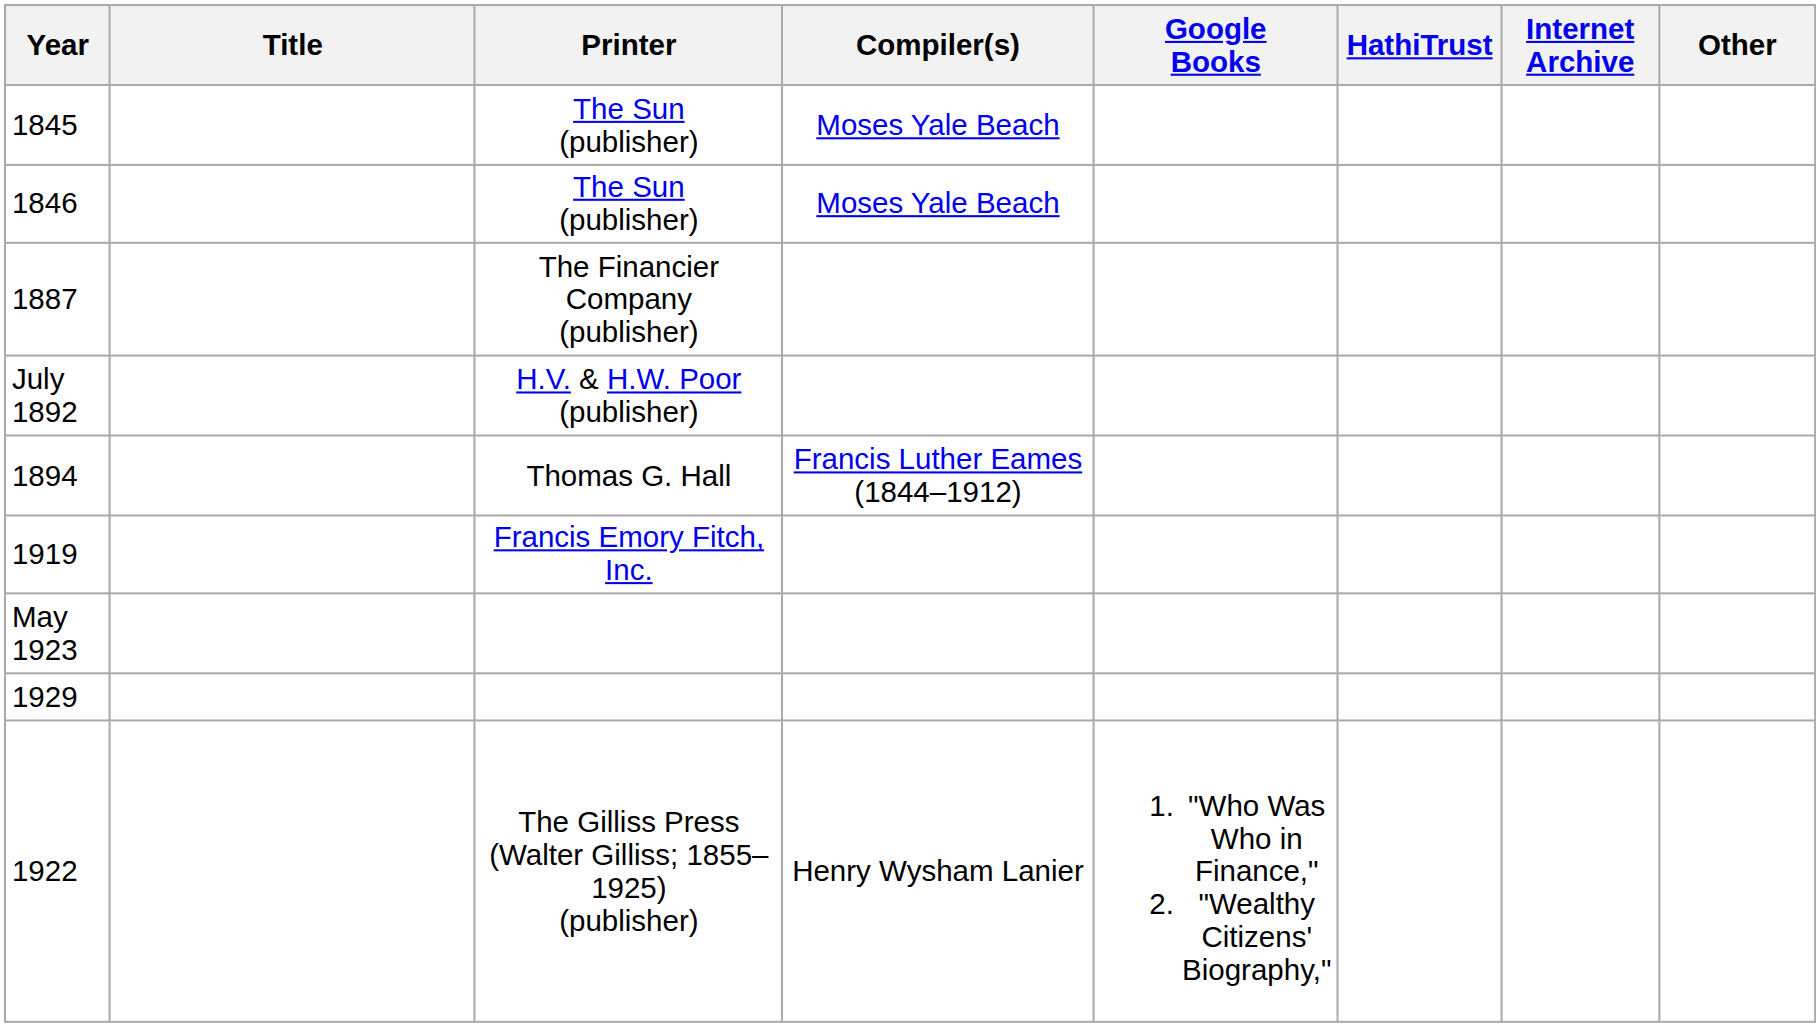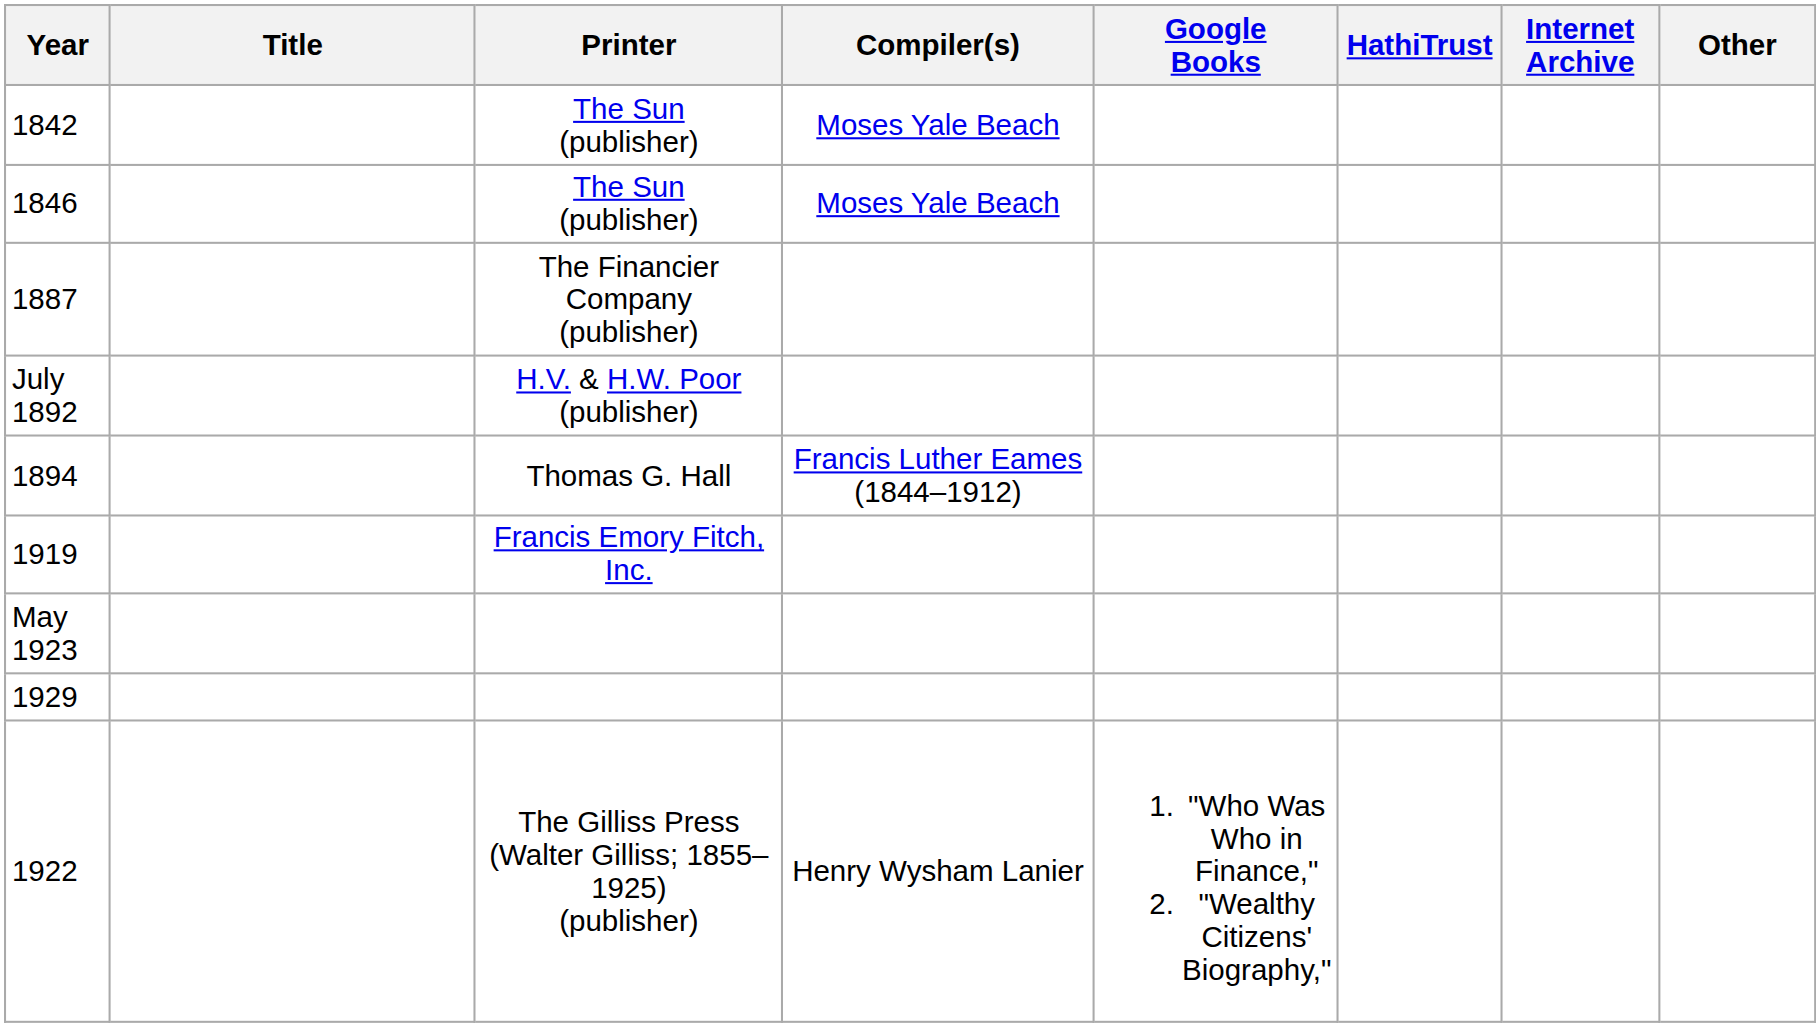 <table class="wikitable collapsible sortable" border="0" cellpadding="1" style="color:black; background-color: #FFFFFF; font-size: 90%; width:100%">
 <tr>
 <th>Year</th>
 <th>Title</th>
 <th>Printer</th>
 <th>Compiler(s)</th>
 <th><a href='#'>Google<br>Books</a></th>
 <th><a href='#'>HathiTrust</a></th>
 <th><a href='#'>Internet<br>Archive</a></th>
 <th>Other</th>
 </tr>
 <tr>
-<td width="6%" data-sort-value="1845">1845</td>
-<td width="22%" data-sort-value="Wealth 1845"></td>
-<td style="text-align:center" width="18%" data-sort-value="Sun 1845"><a href='#'>The Sun</a><br>(publisher)</td>
-<td style="text-align:center" width="18%" data-sort-value="Beach 1845"><a href='#'>Moses Yale Beach</a></td>
-<td style="text-align:center" width="9%" data-sort-value="google books 1845"></td>
+<td width="6%" data-sort-value="1842">1842</td>
+<td width="22%" data-sort-value="Wealth 1842"></td>
+<td style="text-align:center" width="18%" data-sort-value="Sun 1842"><a href='#'>The Sun</a><br>(publisher)</td>
+<td style="text-align:center" width="18%" data-sort-value="Beach 1842"><a href='#'>Moses Yale Beach</a></td>
+<td style="text-align:center" width="9%"></td>
 <td style="text-align:center" width="9%"></td>
 <td style="text-align:center" width="9%"></td>
 <td style="text-align:center" width="9%"></td>
 </tr>
 <tr>
 <td width="6%" data-sort-value="1846">1846</td>
 <td width="22%" data-sort-value="Wealth 1846"></td>
 <td style="text-align:center" width="18%" data-sort-value="Sun 1846"><a href='#'>The Sun</a><br>(publisher)</td>
 <td style="text-align:center" width="18%" data-sort-value="Beach 1846"><a href='#'>Moses Yale Beach</a></td>
 <td style="text-align:center" width="9%"></td>
 <td style="text-align:center" width="9%"></td>
 <td style="text-align:center" width="9%"></td>
 <td style="text-align:center" width="9%"></td>
 </tr>
 <tr>
 <td width="6%" data-sort-value="1887">1887</td>
 <td width="22%" data-sort-value="history 1887"></td>
 <td style="text-align:center" data-sort-value="New York Stock Exchange 1887">The Financier Company<div>(publisher)</div></td>
 <td style="text-align:center" width="18%"></td>
 <td style="text-align:center" width="9%"><br></td>
 <td style="text-align:center" width="9%"></td>
 <td style="text-align:center" width="9%"></td>
 <td style="text-align:center" width="9%"></td>
 </tr>
 <tr>
 <td width="6%" data-sort-value="1892-07">July 1892</td>
 <td width="22%" data-sort-value="Poor's 1892 07"></td>
 <td style="text-align:center" width="18%"><a href='#'>H.V.</a> & <a href='#'>H.W. Poor</a><br>(publisher)</td>
 <td style="text-align:center" width="18%"></td>
 <td style="text-align:center" width="9%"></td>
 <td style="text-align:center" width="9%"></td>
 <td style="text-align:center" width="9%"></td>
 <td style="text-align:center" width="9%"></td>
 </tr>
 <tr>
 <td width="6%" data-sort-value="1894">1894</td>
 <td width="22%" data-sort-value="New York Stock Exchange 1894"></td>
 <td style="text-align:center" width="18%">Thomas G. Hall</td>
 <td style="text-align:center" width="18%"><a href='#'>Francis Luther Eames</a> (1844–1912)</td>
 <td style="text-align:center" width="9%"></td>
 <td style="text-align:center" width="9%"></td>
 <td style="text-align:center" width="9%"></td>
 <td style="text-align:center" width="9%"></td>
 </tr>
 <tr>
 <td width="6%">1919</td>
 <td width="22%" data-sort-value="New York Stock Exchange 1919"></td>
 <td style="text-align:center" width="18%"><a href='#'>Francis Emory Fitch, Inc.</a></td>
 <td style="text-align:center" width="18%"></td>
 <td style="text-align:center" width="9%"></td>
 <td style="text-align:center" width="9%"></td>
 <td style="text-align:center" width="9%"></td>
 <td style="text-align:center" width="9%"></td>
 </tr>
 <tr>
 <td width="6%" data-sort-value="1923-05">May 1923</td>
 <td width="22%" data-sort-value="New York Stock Exchange 1923"></td>
 <td style="text-align:center" width="18%"></td>
 <td style="text-align:center" width="18%"></td>
 <td style="text-align:center" width="9%"></td>
 <td style="text-align:center" width="9%"></td>
 <td style="text-align:center" width="9%"></td>
 <td style="text-align:center" width="9%"></td>
 </tr>
 <tr>
 <td width="6%">1929</td>
 <td width="22%" data-sort-value="New York Stock Exchange 1929"></td>
 <td style="text-align:center" width="18%"></td>
 <td style="text-align:center" width="18%"></td>
 <td style="text-align:center" width="9%"></td>
 <td style="text-align:center" width="9%"></td>
 <td style="text-align:center" width="9%"></td>
 <td style="text-align:center" width="9%"></td>
 </tr>
 <tr>
 <td width="6%" data-sort-value="1922">1922</td>
 <td width="22%" data-sort-value="Century 1922"></td>
 <td style="text-align:center" width="18%" width="18%" data-sort-value="Gilliss">The Gilliss Press<br>(Walter Gilliss; 1855–1925)<br>(publisher)</td>
 <td style="text-align:center" width="18%" data-sort-value="Lanier">Henry Wysham Lanier</td>
 <td style="text-align:center" width="9%"><ol><br><li> "Who Was Who in Finance,"    <li> "Wealthy Citizens' Biography," </ol></td>
 <td style="text-align:center" width="9%"></td>
 <td style="text-align:center" width="9%"></td>
 <td style="text-align:center" width="9%"></td>
 </tr>
 </table>
